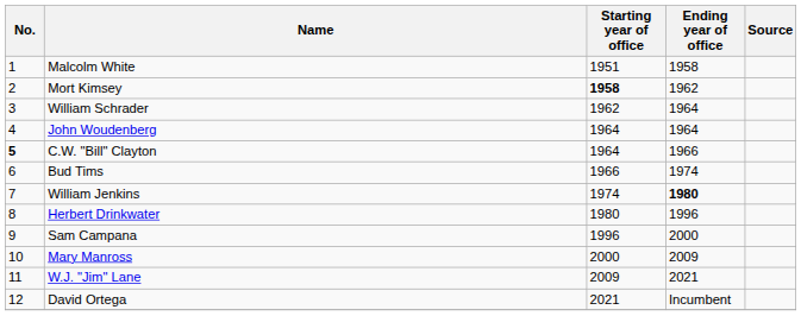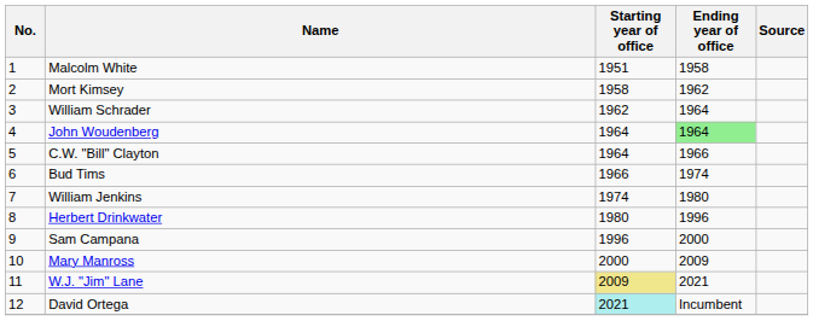 <table class="wikitable" style="float:left; width:60%">
 <tr>
 <th width="5%">No.</th>
 <th style-"width:60%">Name</th>
 <th style="width:10%;">Starting year of office</th>
 <th style="width:10%">Ending year of office</th>
 <th style="width:5%">Source</th>
 </tr>
 <tr>
 <td>1</td>
 <td>Malcolm White</td>
 <td>1951</td>
 <td>1958</td>
 <td></td>
 </tr>
 <tr>
 <td>2</td>
 <td>Mort Kimsey</td>
-<td><strong>1958</strong></td>
+<td>1958</td>
 <td>1962</td>
 <td></td>
 </tr>
 <tr>
 <td>3</td>
 <td>William Schrader</td>
 <td>1962</td>
 <td>1964</td>
 <td></td>
 </tr>
 <tr>
 <td>4</td>
 <td><a href='#'>John Woudenberg</a></td>
 <td>1964</td>
-<td>1964</td>
+<td style="background: lightgreen;">1964</td>
 <td></td>
 </tr>
 <tr>
-<td><strong>5</strong></td>
+<td>5</td>
 <td>C.W. "Bill" Clayton</td>
 <td>1964</td>
 <td>1966</td>
 <td></td>
 </tr>
 <tr>
 <td>6</td>
 <td>Bud Tims</td>
 <td>1966</td>
 <td>1974</td>
 <td></td>
 </tr>
 <tr>
 <td>7</td>
 <td>William Jenkins</td>
 <td>1974</td>
-<td><strong>1980</strong></td>
+<td>1980</td>
 <td></td>
 </tr>
 <tr>
 <td>8</td>
 <td><a href='#'>Herbert Drinkwater</a></td>
 <td>1980</td>
 <td>1996</td>
 <td></td>
 </tr>
 <tr>
 <td>9</td>
 <td>Sam Campana</td>
 <td>1996</td>
 <td>2000</td>
 <td></td>
 </tr>
 <tr>
 <td>10</td>
 <td><a href='#'>Mary Manross</a></td>
 <td>2000</td>
 <td>2009</td>
 <td></td>
 </tr>
 <tr>
 <td>11</td>
 <td><a href='#'>W.J. "Jim" Lane</a></td>
-<td>2009</td>
+<td style="background: khaki;">2009</td>
 <td>2021</td>
 <td></td>
 </tr>
 <tr>
 <td>12</td>
 <td>David Ortega</td>
-<td>2021</td>
+<td style="background: paleturquoise;">2021</td>
 <td>Incumbent</td>
 <td></td>
 </tr>
 <tr>
 </tr>
 </table>
